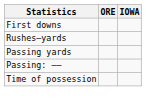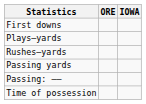 <table class="wikitable" style="float:left">
 <tr>
 <th>Statistics</th>
 <th>ORE</th>
 <th>IOWA</th>
 </tr>
 <tr>
 <td>First downs</td>
+<td></td>
+<td></td>
+</tr>
+<tr>
+<td>Plays–yards</td>
 <td></td>
 <td></td>
 </tr>
 <tr>
 <td>Rushes–yards</td>
 <td></td>
 <td></td>
 </tr>
 <tr>
 <td>Passing yards</td>
 <td></td>
 <td></td>
 </tr>
 <tr>
 <td>Passing: ––</td>
 <td></td>
 <td></td>
 </tr>
 <tr>
 <td>Time of possession</td>
 <td></td>
 <td></td>
 </tr>
 </table>
